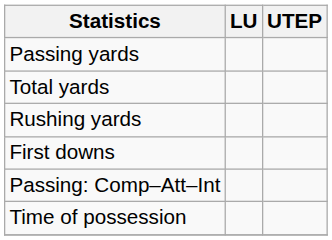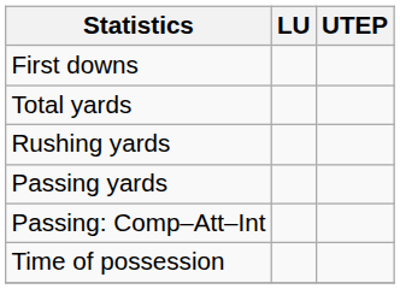 <table class="wikitable" style="float: left;">
 <tr>
 <th>Statistics</th>
 <th>LU</th>
 <th>UTEP</th>
 </tr>
 <tr>
-<td>Passing yards</td>
+<td>First downs</td>
 <td></td>
 <td></td>
 </tr>
 <tr>
 <td>Total yards</td>
 <td></td>
 <td></td>
 </tr>
 <tr>
 <td>Rushing yards</td>
 <td></td>
 <td></td>
 </tr>
 <tr>
-<td>First downs</td>
+<td>Passing yards</td>
 <td></td>
 <td></td>
 </tr>
 <tr>
 <td>Passing: Comp–Att–Int</td>
 <td></td>
 <td></td>
 </tr>
 <tr>
 <td>Time of possession</td>
 <td></td>
 <td></td>
 </tr>
 <tr>
 </tr>
 </table>
